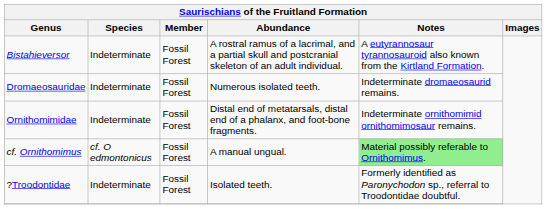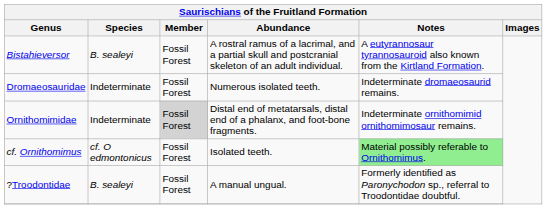 <table class="wikitable" align="center">
 <tr>
 <th colspan="7" align="center"><strong><a href='#'>Saurischians</a> of the Fruitland Formation</strong></th>
 </tr>
 <tr>
 <th>Genus</th>
 <th>Species</th>
 <th>Member</th>
 <th>Abundance</th>
 <th>Notes</th>
 <th>Images</th>
 </tr>
 <tr>
 <td><em><a href='#'>Bistahieversor</a></em></td>
-<td>Indeterminate</td>
+<td><em>B. sealeyi</em></td>
 <td>Fossil Forest</td>
 <td>A rostral ramus of a lacrimal, and a partial skull and postcranial skeleton of an adult individual.</td>
 <td>A <a href='#'>eutyrannosaur</a> <a href='#'>tyrannosauroid</a> also known from the <a href='#'>Kirtland Formation</a>.</td>
 <td rowspan="99"><br> </td>
 </tr>
 <tr>
 <td><a href='#'>Dromaeosauridae</a></td>
 <td>Indeterminate</td>
 <td>Fossil Forest</td>
 <td>Numerous isolated teeth.</td>
 <td>Indeterminate <a href='#'>dromaeosaurid</a> remains.</td>
 </tr>
 <tr>
 <td><a href='#'>Ornithomimidae</a></td>
 <td>Indeterminate</td>
-<td>Fossil Forest</td>
+<td style="background: lightgrey;">Fossil Forest</td>
 <td>Distal end of metatarsals, distal end of a phalanx, and foot-bone fragments.</td>
 <td>Indeterminate <a href='#'>ornithomimid</a> <a href='#'>ornithomimosaur</a> remains.</td>
 </tr>
 <tr>
 <td><em>cf. <a href='#'>Ornithomimus</a></em></td>
 <td><em>cf. O edmontonicus</em></td>
 <td>Fossil Forest</td>
-<td>A manual ungual.</td>
+<td>Isolated teeth.</td>
 <td style="background: lightgreen;">Material possibly referable to <a href='#'>Ornithomimus</a>.</td>
 </tr>
 <tr>
 <td>?<a href='#'>Troodontidae</a></td>
-<td>Indeterminate</td>
+<td><em>B. sealeyi</em></td>
 <td>Fossil Forest</td>
-<td>Isolated teeth.</td>
+<td>A manual ungual.</td>
 <td>Formerly identified as <em>Paronychodon</em> sp., referral to Troodontidae doubtful.</td>
 </tr>
 <tr>
 </tr>
 </table>
